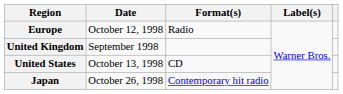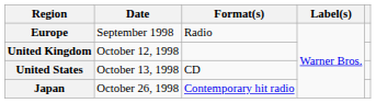 <table class="wikitable plainrowheaders">
 <tr>
 <th scope="col">Region</th>
 <th scope="col">Date</th>
 <th scope="col">Format(s)</th>
 <th scope="col">Label(s)</th>
 <th scope="col"></th>
 </tr>
 <tr>
 <th scope="row">Europe</th>
-<td>October 12, 1998</td>
+<td>September 1998</td>
 <td>Radio</td>
 <td rowspan="4"><a href='#'>Warner Bros.</a></td>
 <td></td>
 </tr>
 <tr>
 <th scope="row">United Kingdom</th>
-<td>September 1998</td>
+<td>October 12, 1998</td>
 <td></td>
 <td></td>
 </tr>
 <tr>
 <th scope="row">United States</th>
 <td>October 13, 1998</td>
 <td>CD</td>
 <td></td>
 </tr>
 <tr>
 <th scope="row">Japan</th>
 <td>October 26, 1998</td>
 <td><a href='#'>Contemporary hit radio</a></td>
 <td></td>
 </tr>
 </table>
